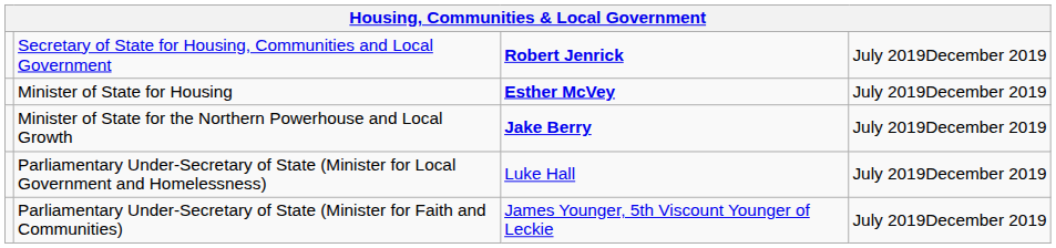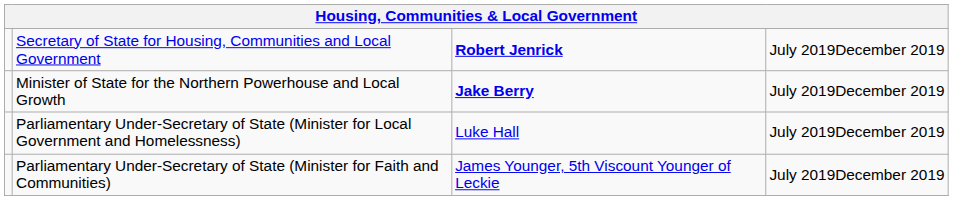 <table class="wikitable">
 <tr>
 <th colspan="4"><a href='#'>Housing, Communities & Local Government</a></th>
 </tr>
 <tr>
 <td style="width: 1px; background: "></td>
 <td style="width: 450px;"><a href='#'>Secretary of State for Housing, Communities and Local Government</a></td>
 <td style="width: 320px;"><strong><a href='#'>Robert Jenrick</a></strong></td>
-<td>July 2019December 2019</td>
-</tr>
-<tr>
-<td style="background: "></td>
-<td>Minister of State for Housing</td>
-<td><strong><a href='#'>Esther McVey</a></strong></td>
 <td>July 2019December 2019</td>
 </tr>
 <tr>
 <td style="background: "></td>
 <td>Minister of State for the Northern Powerhouse and Local Growth</td>
 <td><strong><a href='#'>Jake Berry</a></strong><br></td>
 <td>July 2019December 2019</td>
 </tr>
 <tr>
 <td style="width: 1px; background: "></td>
 <td>Parliamentary Under-Secretary of State (Minister for Local Government and Homelessness)</td>
 <td><a href='#'>Luke Hall</a></td>
 <td>July 2019December 2019</td>
 </tr>
 <tr>
 <td style="width: 1px; background: "></td>
 <td>Parliamentary Under-Secretary of State (Minister for Faith and Communities)</td>
 <td><a href='#'>James Younger, 5th Viscount Younger of Leckie</a></td>
 <td>July 2019December 2019</td>
 </tr>
 </table>
